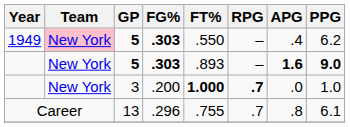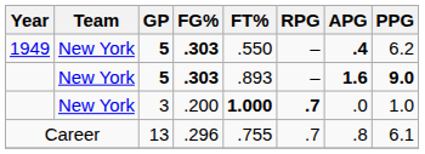 <table class="wikitable sortable" style="font-size:95%; text-align:right;">
 <tr>
 <th>Year</th>
 <th>Team</th>
 <th>GP</th>
 <th>FG%</th>
 <th>FT%</th>
 <th>RPG</th>
 <th>APG</th>
 <th>PPG</th>
 </tr>
 <tr>
 <td style="text-align:left;"><a href='#'>1949</a></td>
-<td style="background: pink; text-align:left;"><a href='#'>New York</a></td>
+<td style="text-align:left;"><a href='#'>New York</a></td>
 <td><strong>5</strong></td>
 <td><strong>.303</strong></td>
 <td>.550</td>
 <td>–</td>
-<td>.4</td>
+<td><strong>.4</strong></td>
 <td>6.2</td>
 </tr>
 <tr>
 <td style="text-align:left;"></td>
 <td style="text-align:left;"><a href='#'>New York</a></td>
 <td><strong>5</strong></td>
 <td><strong>.303</strong></td>
 <td>.893</td>
 <td>–</td>
 <td><strong>1.6</strong></td>
 <td><strong>9.0</strong></td>
 </tr>
 <tr>
 <td style="text-align:left;"></td>
 <td style="text-align:left;"><a href='#'>New York</a></td>
 <td>3</td>
 <td>.200</td>
 <td><strong>1.000</strong></td>
 <td><strong>.7</strong></td>
 <td>.0</td>
 <td>1.0</td>
 </tr>
 <tr>
 <td style="text-align:center;" colspan="2">Career</td>
 <td>13</td>
 <td>.296</td>
 <td>.755</td>
 <td>.7</td>
 <td>.8</td>
 <td>6.1</td>
 </tr>
 <tr>
 </tr>
 </table>
